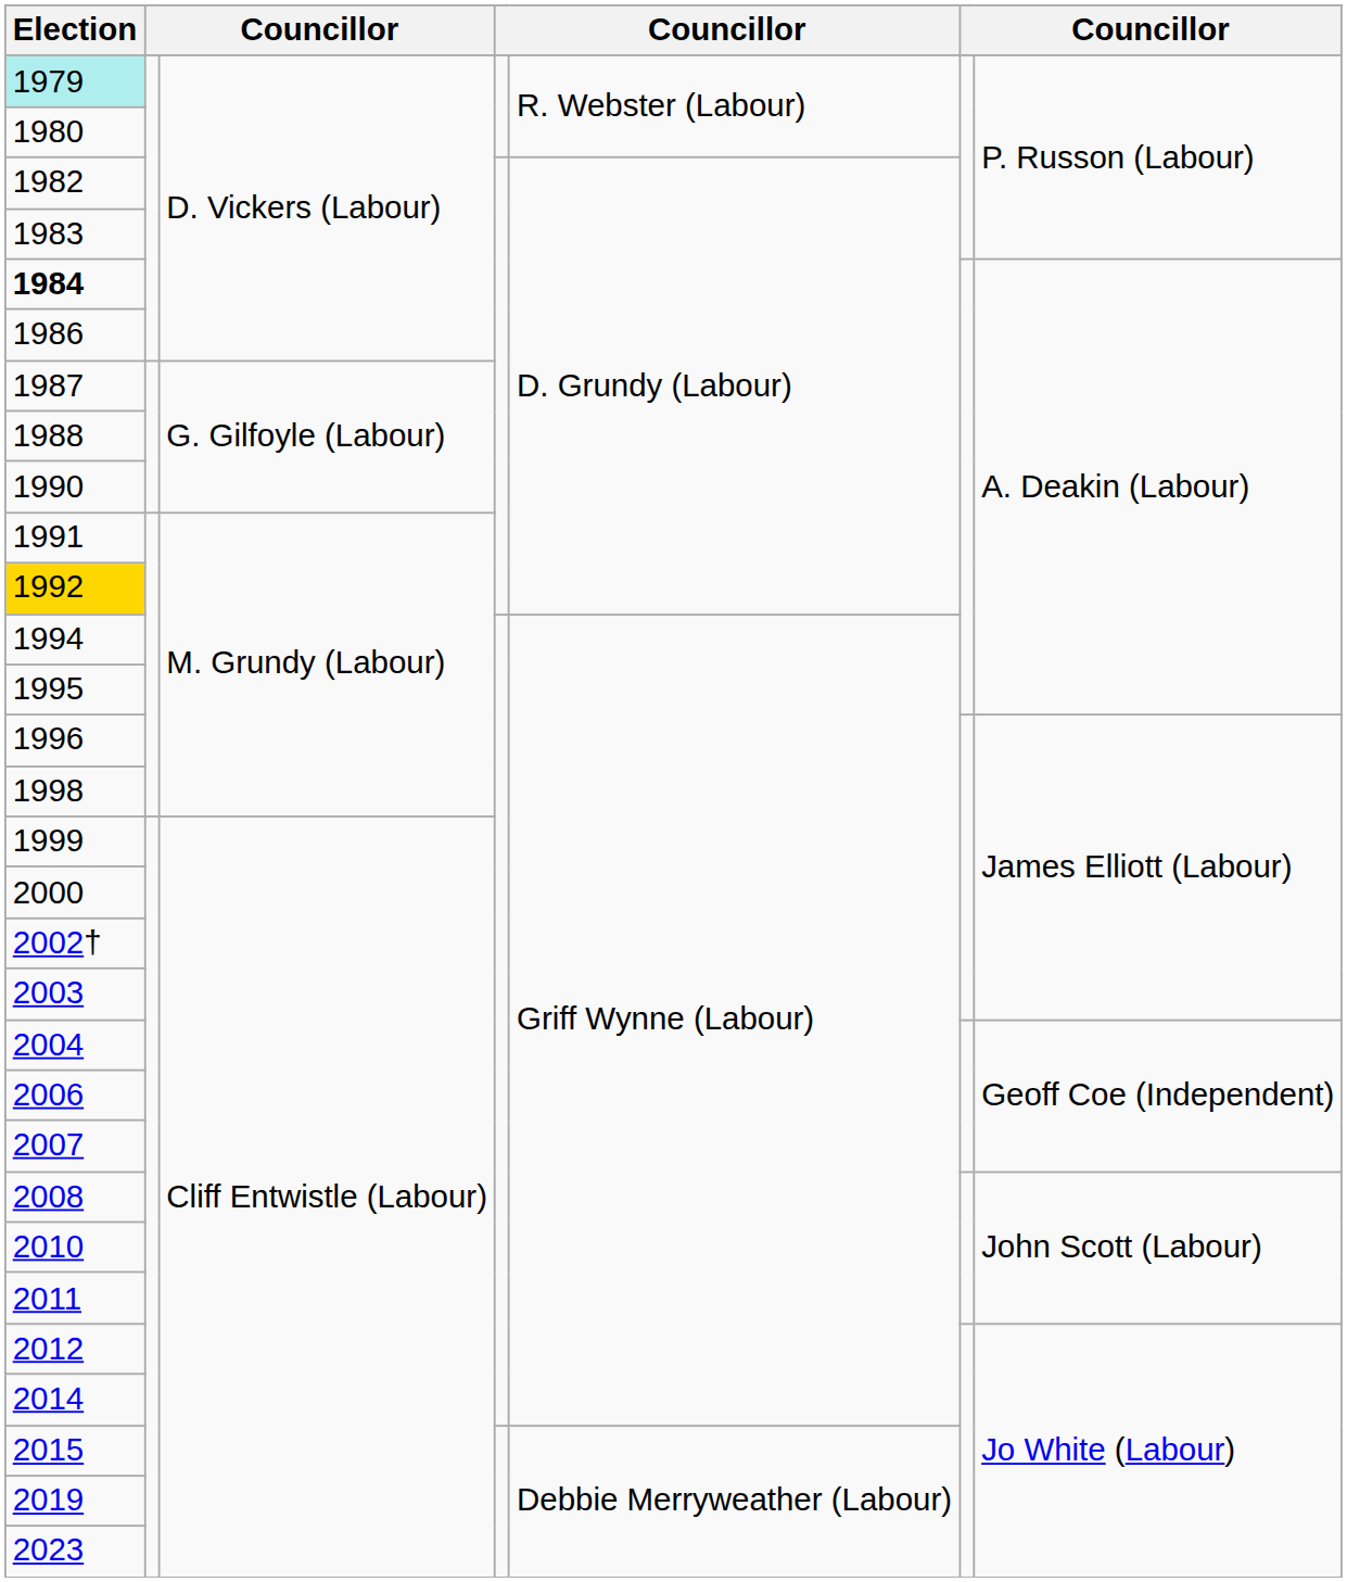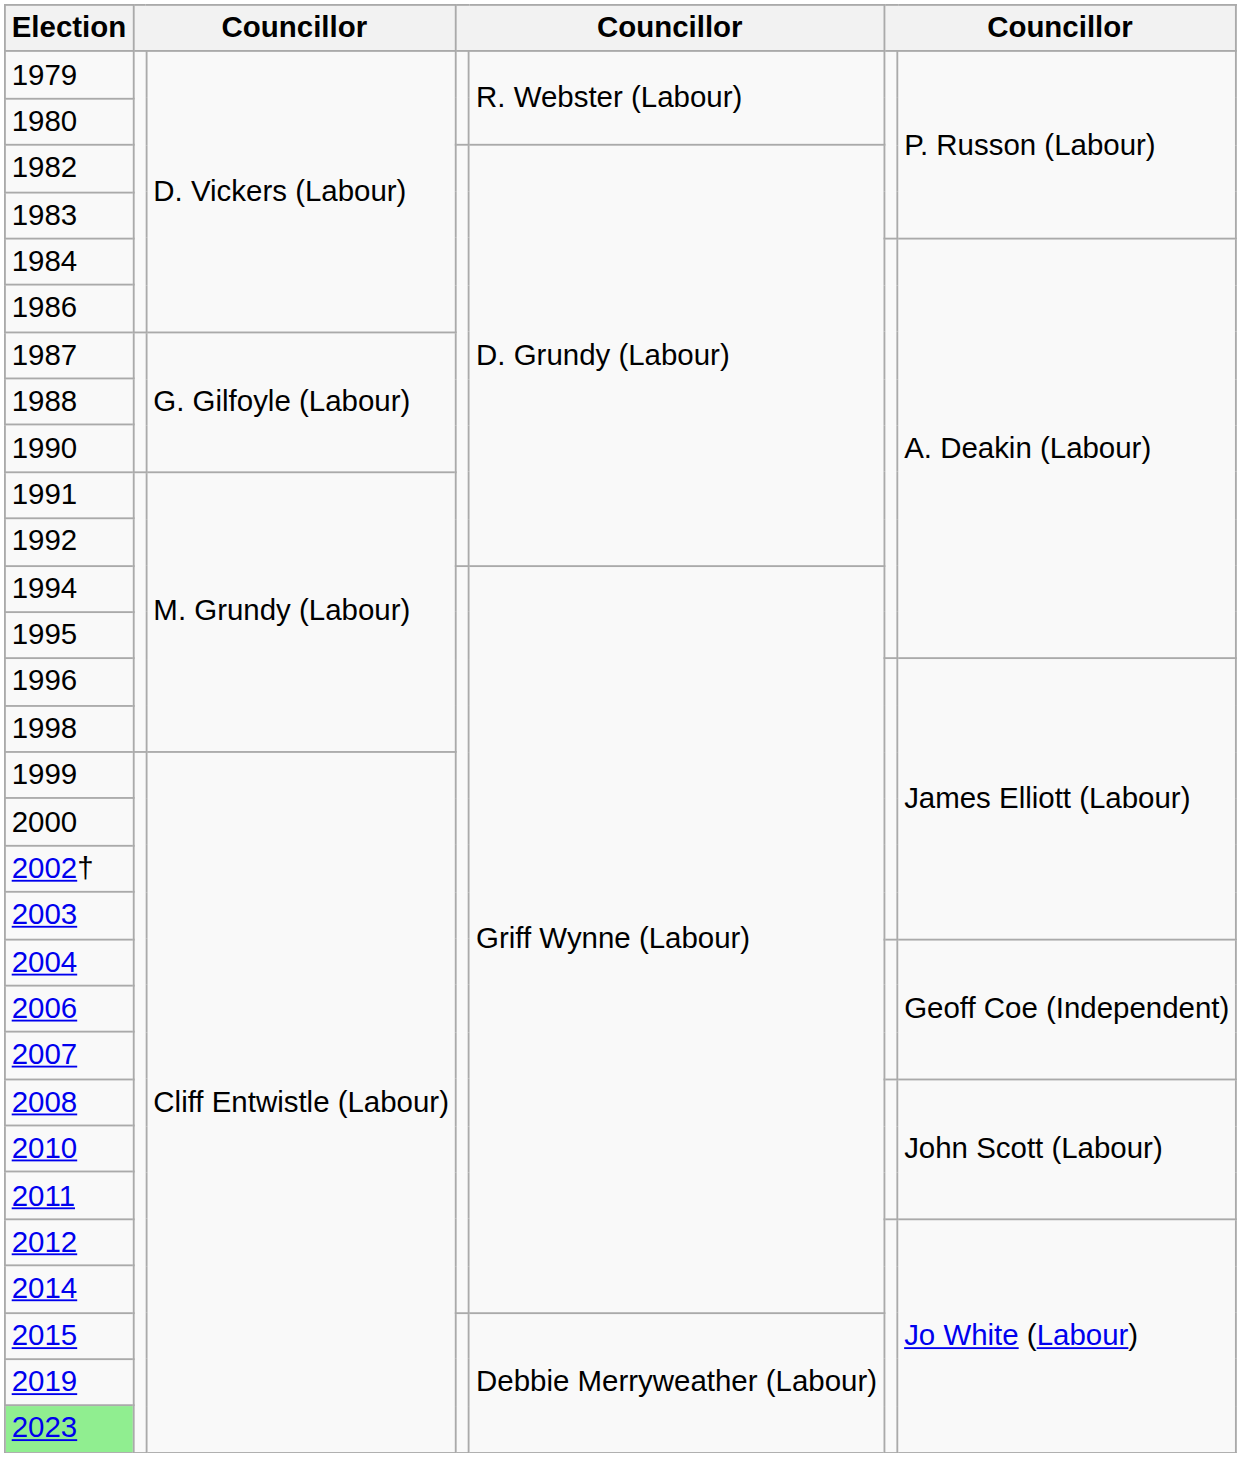 <table class="wikitable">
 <tr>
 <th>Election</th>
 <th colspan="2">Councillor</th>
 <th colspan="2">Councillor</th>
 <th colspan="2">Councillor</th>
 </tr>
 <tr>
-<td style="background: paleturquoise;">1979</td>
+<td>1979</td>
 <td rowspan="6" style="background-color: "></td>
 <td rowspan="6">D. Vickers (Labour)</td>
 <td rowspan="2" style="background-color: "></td>
 <td rowspan="2">R. Webster (Labour)</td>
 <td rowspan="4" style="background-color: "></td>
 <td rowspan="4">P. Russon (Labour)</td>
 </tr>
 <tr>
 <td>1980</td>
 </tr>
 <tr>
 <td>1982</td>
 <td rowspan="9" style="background-color: "></td>
 <td rowspan="9">D. Grundy (Labour)</td>
 </tr>
 <tr>
 <td>1983</td>
 </tr>
 <tr>
-<td><strong>1984</strong></td>
+<td>1984</td>
 <td rowspan="9" style="background-color: "></td>
 <td rowspan="9">A. Deakin (Labour)</td>
 </tr>
 <tr>
 <td>1986</td>
 </tr>
 <tr>
 <td>1987</td>
 <td rowspan="3" style="background-color: "></td>
 <td rowspan="3">G. Gilfoyle (Labour)</td>
 </tr>
 <tr>
 <td>1988</td>
 </tr>
 <tr>
 <td>1990</td>
 </tr>
 <tr>
 <td>1991</td>
 <td rowspan="6" style="background-color: "></td>
 <td rowspan="6">M. Grundy (Labour)</td>
 </tr>
 <tr>
-<td style="background: gold;">1992</td>
+<td>1992</td>
 </tr>
 <tr>
 <td>1994</td>
 <td rowspan="16" style="background-color: "></td>
 <td rowspan="16">Griff Wynne (Labour)</td>
 </tr>
 <tr>
 <td>1995</td>
 </tr>
 <tr>
 <td>1996</td>
 <td rowspan="6" style="background-color: "></td>
 <td rowspan="6">James Elliott (Labour)</td>
 </tr>
 <tr>
 <td>1998</td>
 </tr>
 <tr>
 <td>1999</td>
 <td rowspan="15" style="background-color: "></td>
 <td rowspan="15">Cliff Entwistle (Labour)</td>
 </tr>
 <tr>
 <td>2000</td>
 </tr>
 <tr>
 <td><a href='#'>2002</a>†</td>
 </tr>
 <tr>
 <td><a href='#'>2003</a></td>
 </tr>
 <tr>
 <td><a href='#'>2004</a></td>
 <td rowspan="3" style="background-color: "></td>
 <td rowspan="3">Geoff Coe (Independent)</td>
 </tr>
 <tr>
 <td><a href='#'>2006</a></td>
 </tr>
 <tr>
 <td><a href='#'>2007</a></td>
 </tr>
 <tr>
 <td><a href='#'>2008</a></td>
 <td rowspan="3" style="background-color: "></td>
 <td rowspan="3">John Scott (Labour)</td>
 </tr>
 <tr>
 <td><a href='#'>2010</a></td>
 </tr>
 <tr>
 <td><a href='#'>2011</a></td>
 </tr>
 <tr>
 <td><a href='#'>2012</a></td>
 <td rowspan="5" style="background-color: "></td>
 <td rowspan="5"><a href='#'>Jo White</a> (<a href='#'>Labour</a>)</td>
 </tr>
 <tr>
 <td><a href='#'>2014</a></td>
 </tr>
 <tr>
 <td><a href='#'>2015</a></td>
 <td rowspan="3" style="background-color: "></td>
 <td rowspan="3">Debbie Merryweather (Labour)</td>
 </tr>
 <tr>
 <td><a href='#'>2019</a></td>
 </tr>
 <tr>
-<td><a href='#'>2023</a></td>
+<td style="background: lightgreen;"><a href='#'>2023</a></td>
 </tr>
 </table>
